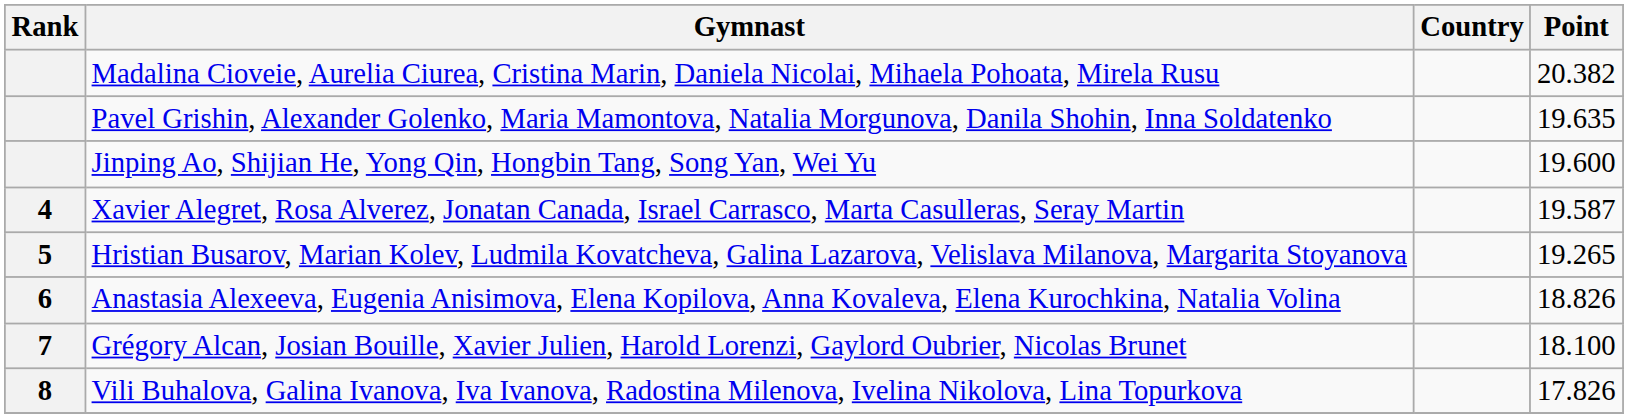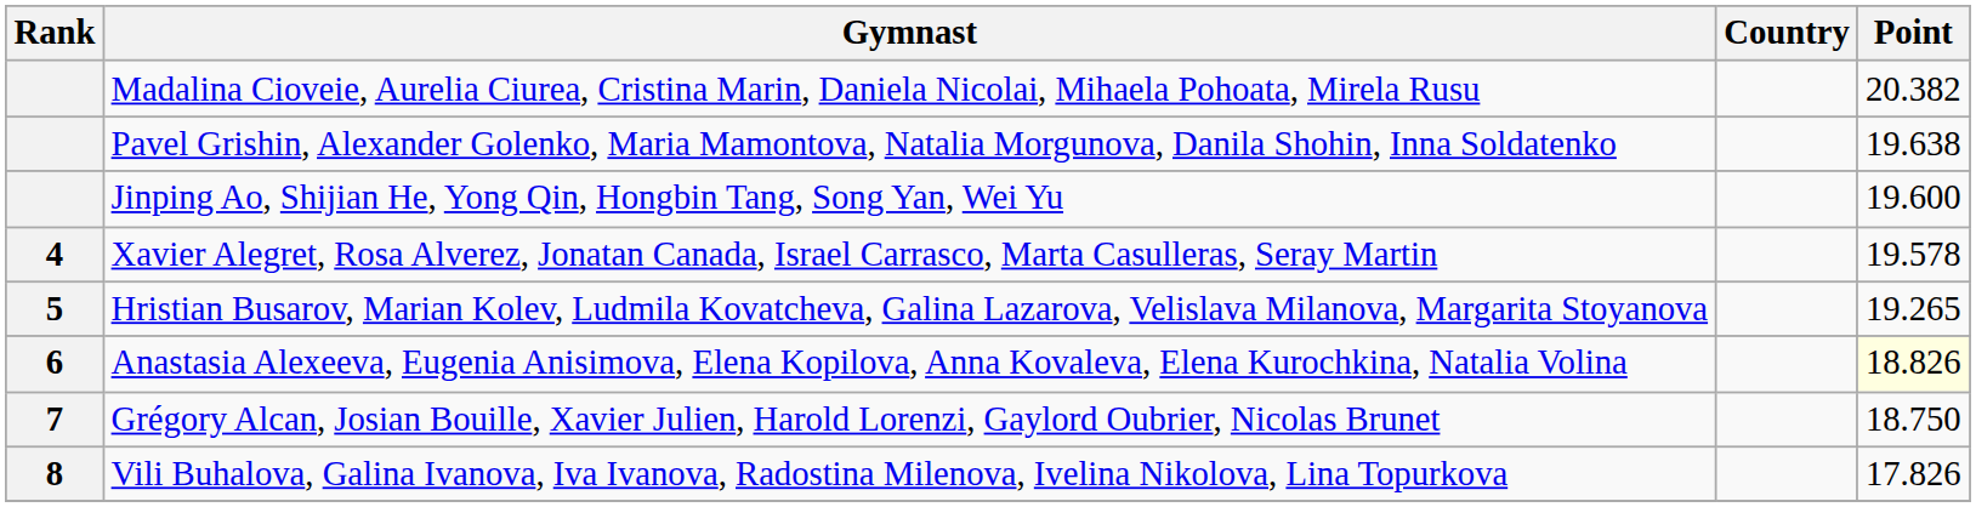 <table class="wikitable sortable">
 <tr>
 <th>Rank</th>
 <th>Gymnast</th>
 <th>Country</th>
 <th>Point</th>
 </tr>
 <tr>
 <th></th>
 <td><a href='#'>Madalina Cioveie</a>, <a href='#'>Aurelia Ciurea</a>, <a href='#'>Cristina Marin</a>, <a href='#'>Daniela Nicolai</a>, <a href='#'>Mihaela Pohoata</a>, <a href='#'>Mirela Rusu</a></td>
 <td></td>
 <td>20.382</td>
 </tr>
 <tr>
 <th></th>
 <td><a href='#'>Pavel Grishin</a>, <a href='#'>Alexander Golenko</a>, <a href='#'>Maria Mamontova</a>, <a href='#'>Natalia Morgunova</a>, <a href='#'>Danila Shohin</a>, <a href='#'>Inna Soldatenko</a></td>
 <td></td>
-<td>19.635</td>
+<td>19.638</td>
 </tr>
 <tr>
 <th></th>
 <td><a href='#'>Jinping Ao</a>, <a href='#'>Shijian He</a>, <a href='#'>Yong Qin</a>, <a href='#'>Hongbin Tang</a>, <a href='#'>Song Yan</a>, <a href='#'>Wei Yu</a></td>
 <td></td>
 <td>19.600</td>
 </tr>
 <tr>
 <th>4</th>
 <td><a href='#'>Xavier Alegret</a>, <a href='#'>Rosa Alverez</a>, <a href='#'>Jonatan Canada</a>, <a href='#'>Israel Carrasco</a>, <a href='#'>Marta Casulleras</a>, <a href='#'>Seray Martin</a></td>
 <td></td>
-<td>19.587</td>
+<td>19.578</td>
 </tr>
 <tr>
 <th>5</th>
 <td><a href='#'>Hristian Busarov</a>, <a href='#'>Marian Kolev</a>, <a href='#'>Ludmila Kovatcheva</a>, <a href='#'>Galina Lazarova</a>, <a href='#'>Velislava Milanova</a>, <a href='#'>Margarita Stoyanova</a></td>
 <td></td>
 <td>19.265</td>
 </tr>
 <tr>
 <th>6</th>
 <td><a href='#'>Anastasia Alexeeva</a>, <a href='#'>Eugenia Anisimova</a>, <a href='#'>Elena Kopilova</a>, <a href='#'>Anna Kovaleva</a>, <a href='#'>Elena Kurochkina</a>, <a href='#'>Natalia Volina</a></td>
 <td></td>
-<td>18.826</td>
+<td style="background: lightyellow;">18.826</td>
 </tr>
 <tr>
 <th>7</th>
 <td><a href='#'>Grégory Alcan</a>, <a href='#'>Josian Bouille</a>, <a href='#'>Xavier Julien</a>, <a href='#'>Harold Lorenzi</a>, <a href='#'>Gaylord Oubrier</a>, <a href='#'>Nicolas Brunet</a></td>
 <td></td>
-<td>18.100</td>
+<td>18.750</td>
 </tr>
 <tr>
 <th>8</th>
 <td><a href='#'>Vili Buhalova</a>, <a href='#'>Galina Ivanova</a>, <a href='#'>Iva Ivanova</a>, <a href='#'>Radostina Milenova</a>, <a href='#'>Ivelina Nikolova</a>, <a href='#'>Lina Topurkova</a></td>
 <td></td>
 <td>17.826</td>
 </tr>
 <tr>
 </tr>
 </table>
